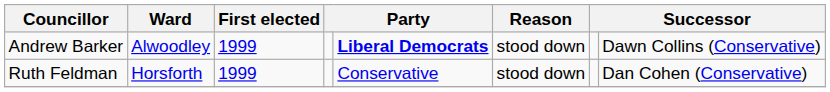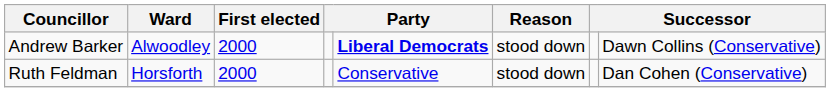 <table class="wikitable sortable" style="font-size:95%;">
 <tr>
 <th scope="col">Councillor</th>
 <th scope="col">Ward</th>
 <th scope="col">First elected</th>
 <th colspan="2" scope="col">Party</th>
 <th scope="col">Reason</th>
 <th colspan="2" scope="col">Successor</th>
 </tr>
 <tr>
 <td>Andrew Barker</td>
 <td><a href='#'>Alwoodley</a></td>
-<td><a href='#'>1999</a></td>
+<td><a href='#'>2000</a></td>
 <td width="1" style="color:inherit;background:"></td>
 <td><strong><a href='#'>Liberal Democrats</a></strong></td>
 <td>stood down</td>
 <td width="1" style="color:inherit;background:"></td>
 <td>Dawn Collins (<a href='#'>Conservative</a>)</td>
 </tr>
 <tr>
 <td>Ruth Feldman</td>
 <td><a href='#'>Horsforth</a></td>
-<td><a href='#'>1999</a></td>
+<td><a href='#'>2000</a></td>
 <td width="1" style="color:inherit;background:"></td>
 <td><a href='#'>Conservative</a></td>
 <td>stood down</td>
 <td width="1" style="color:inherit;background:"></td>
 <td>Dan Cohen (<a href='#'>Conservative</a>)</td>
 </tr>
 <tr>
 </tr>
 </table>
